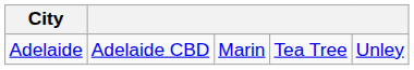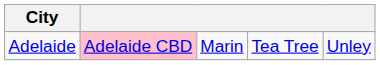 <table class="wikitable">
 <tr>
 <th>City</th>
 <th colspan="5"></th>
 </tr>
 <tr>
 <td><a href='#'>Adelaide</a></td>
-<td><a href='#'>Adelaide CBD</a></td>
+<td style="background: pink;"><a href='#'>Adelaide CBD</a></td>
 <td><a href='#'>Marin</a></td>
 <td><a href='#'>Tea Tree</a></td>
 <td><a href='#'>Unley</a></td>
 </tr>
 </table>
